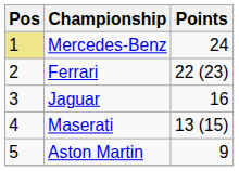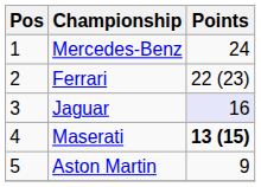 <table class="wikitable" style="font-size: 95%;">
 <tr>
 <th>Pos</th>
 <th>Championship</th>
 <th>Points</th>
 </tr>
 <tr>
-<td style="background: khaki;">1</td>
+<td>1</td>
 <td> <a href='#'>Mercedes-Benz</a></td>
 <td align="right">24</td>
 </tr>
 <tr>
 <td>2</td>
 <td> <a href='#'>Ferrari</a></td>
 <td align="right">22 (23)</td>
 </tr>
 <tr>
 <td>3</td>
 <td> <a href='#'>Jaguar</a></td>
-<td align="right">16</td>
+<td align="right" style="background: lavender;">16</td>
 </tr>
 <tr>
 <td>4</td>
 <td> <a href='#'>Maserati</a></td>
-<td align="right">13 (15)</td>
+<td align="right"><strong>13 (15)</strong></td>
 </tr>
 <tr>
 <td>5</td>
 <td> <a href='#'>Aston Martin</a></td>
 <td align="right">9</td>
 </tr>
 <tr>
 </tr>
 </table>
